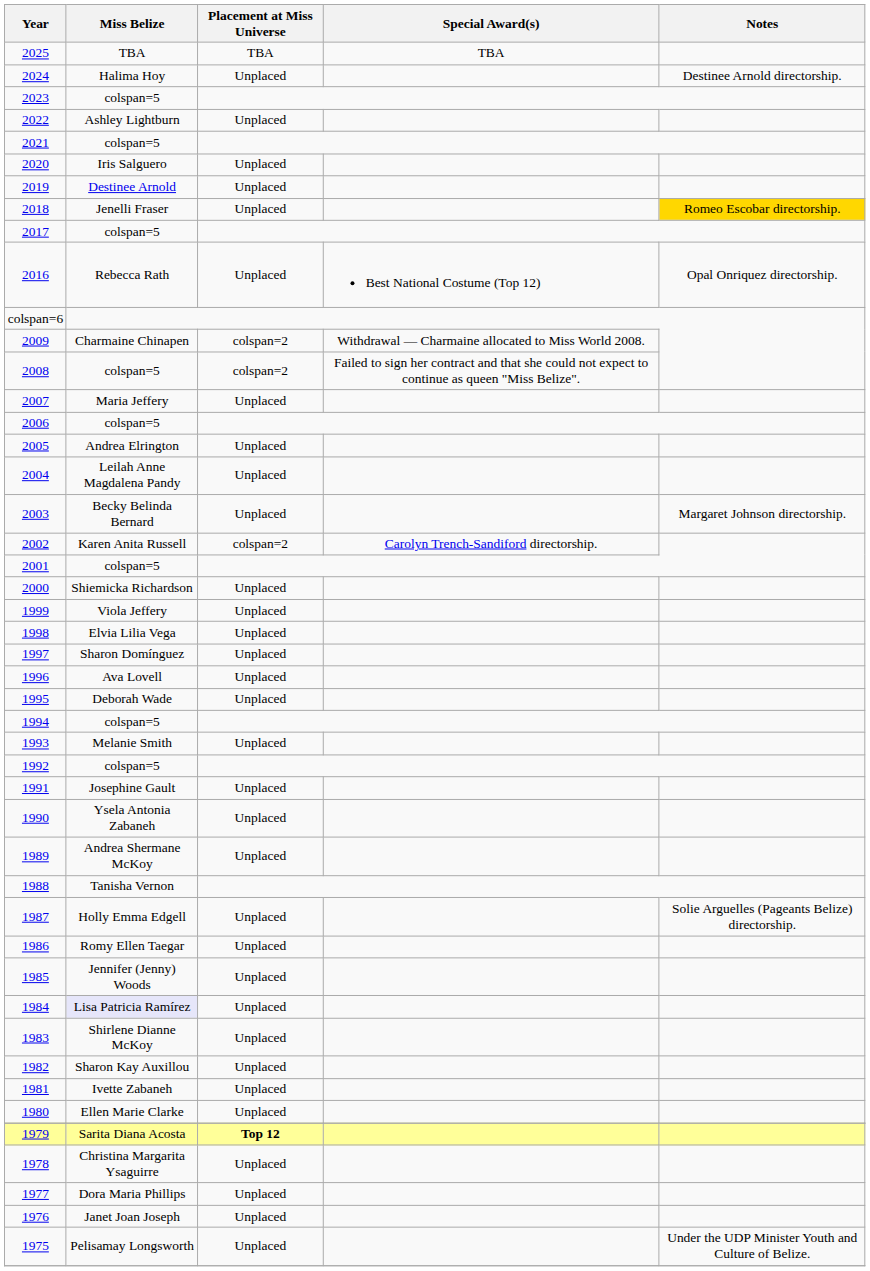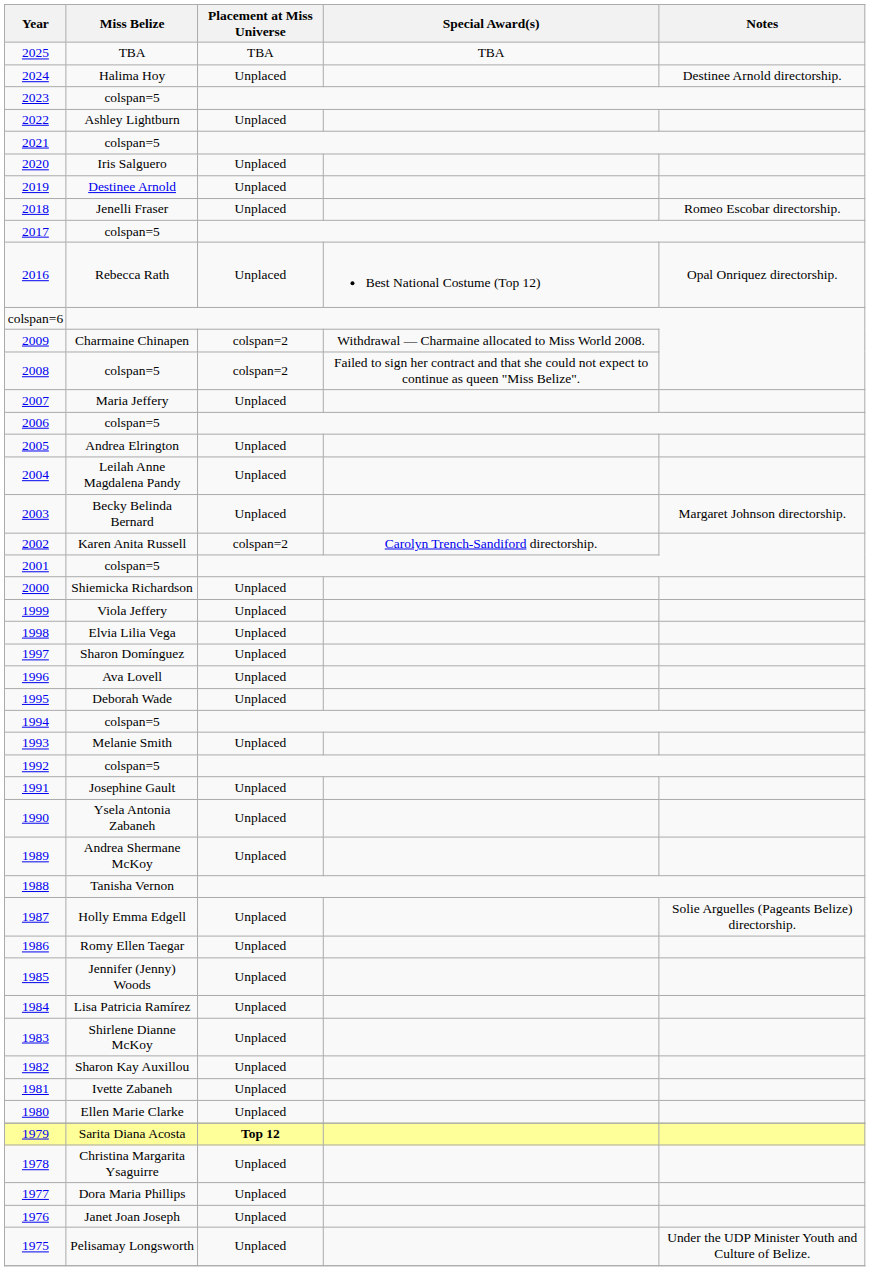 <table class="wikitable " style="font-size: 85%; text-align:center;">
 <tr>
 <th>Year</th>
 <th>Miss Belize</th>
 <th>Placement at Miss Universe</th>
 <th>Special Award(s)</th>
 <th>Notes</th>
 </tr>
 <tr>
 <td><a href='#'>2025</a></td>
 <td>TBA</td>
 <td>TBA</td>
 <td>TBA</td>
 <td></td>
 </tr>
 <tr>
 <td><a href='#'>2024</a></td>
 <td>Halima Hoy</td>
 <td>Unplaced</td>
 <td></td>
 <td>Destinee Arnold directorship.</td>
 </tr>
 <tr>
 <td><a href='#'>2023</a></td>
 <td>colspan=5 </td>
 </tr>
 <tr>
 <td><a href='#'>2022</a></td>
 <td>Ashley Lightburn</td>
 <td>Unplaced</td>
 <td></td>
 <td></td>
 </tr>
 <tr>
 <td><a href='#'>2021</a></td>
 <td>colspan=5 </td>
 </tr>
 <tr>
 <td><a href='#'>2020</a></td>
 <td>Iris Salguero</td>
 <td>Unplaced</td>
 <td></td>
 <td></td>
 </tr>
 <tr>
 <td><a href='#'>2019</a></td>
 <td><a href='#'>Destinee Arnold</a></td>
 <td>Unplaced</td>
 <td></td>
 <td></td>
 </tr>
 <tr>
 <td><a href='#'>2018</a></td>
 <td>Jenelli Fraser</td>
 <td>Unplaced</td>
 <td></td>
-<td style="background: gold;">Romeo Escobar directorship.</td>
+<td>Romeo Escobar directorship.</td>
 </tr>
 <tr>
 <td><a href='#'>2017</a></td>
 <td>colspan=5 </td>
 </tr>
 <tr>
 <td><a href='#'>2016</a></td>
 <td>Rebecca Rath</td>
 <td>Unplaced</td>
 <td align="left"><br><ul><li>Best National Costume (Top 12)</li></ul></td>
 <td>Opal Onriquez directorship.</td>
 </tr>
 <tr>
 <td>colspan=6 </td>
 </tr>
 <tr>
 <td><a href='#'>2009</a></td>
 <td>Charmaine Chinapen</td>
 <td>colspan=2 </td>
 <td>Withdrawal — Charmaine allocated to Miss World 2008.</td>
 </tr>
 <tr>
 <td><a href='#'>2008</a></td>
 <td>colspan=5 </td>
 <td>colspan=2 </td>
 <td>Failed to sign her contract and that she could not expect to continue as queen "Miss Belize".</td>
 </tr>
 <tr>
 <td><a href='#'>2007</a></td>
 <td>Maria Jeffery</td>
 <td>Unplaced</td>
 <td></td>
 <td></td>
 </tr>
 <tr>
 <td><a href='#'>2006</a></td>
 <td>colspan=5 </td>
 </tr>
 <tr>
 <td><a href='#'>2005</a></td>
 <td>Andrea Elrington</td>
 <td>Unplaced</td>
 <td></td>
 <td></td>
 </tr>
 <tr>
 <td><a href='#'>2004</a></td>
 <td>Leilah Anne Magdalena Pandy</td>
 <td>Unplaced</td>
 <td></td>
 <td></td>
 </tr>
 <tr>
 <td><a href='#'>2003</a></td>
 <td>Becky Belinda Bernard</td>
 <td>Unplaced</td>
 <td></td>
 <td>Margaret Johnson directorship.</td>
 </tr>
 <tr>
 <td><a href='#'>2002</a></td>
 <td>Karen Anita Russell</td>
 <td>colspan=2 </td>
 <td><a href='#'>Carolyn Trench-Sandiford</a> directorship.</td>
 </tr>
 <tr>
 <td><a href='#'>2001</a></td>
 <td>colspan=5 </td>
 </tr>
 <tr>
 <td><a href='#'>2000</a></td>
 <td>Shiemicka Richardson</td>
 <td>Unplaced</td>
 <td></td>
 <td></td>
 </tr>
 <tr>
 <td><a href='#'>1999</a></td>
 <td>Viola Jeffery</td>
 <td>Unplaced</td>
 <td></td>
 <td></td>
 </tr>
 <tr>
 <td><a href='#'>1998</a></td>
 <td>Elvia Lilia Vega</td>
 <td>Unplaced</td>
 <td></td>
 <td></td>
 </tr>
 <tr>
 <td><a href='#'>1997</a></td>
 <td>Sharon Domínguez</td>
 <td>Unplaced</td>
 <td></td>
 <td></td>
 </tr>
 <tr>
 <td><a href='#'>1996</a></td>
 <td>Ava Lovell</td>
 <td>Unplaced</td>
 <td></td>
 <td></td>
 </tr>
 <tr>
 <td><a href='#'>1995</a></td>
 <td>Deborah Wade</td>
 <td>Unplaced</td>
 <td></td>
 <td></td>
 </tr>
 <tr>
 <td><a href='#'>1994</a></td>
 <td>colspan=5 </td>
 </tr>
 <tr>
 <td><a href='#'>1993</a></td>
 <td>Melanie Smith</td>
 <td>Unplaced</td>
 <td></td>
 <td></td>
 </tr>
 <tr>
 <td><a href='#'>1992</a></td>
 <td>colspan=5 </td>
 </tr>
 <tr>
 <td><a href='#'>1991</a></td>
 <td>Josephine Gault</td>
 <td>Unplaced</td>
 <td></td>
 <td></td>
 </tr>
 <tr>
 <td><a href='#'>1990</a></td>
 <td>Ysela Antonia Zabaneh</td>
 <td>Unplaced</td>
 <td></td>
 <td></td>
 </tr>
 <tr>
 <td><a href='#'>1989</a></td>
 <td>Andrea Shermane McKoy</td>
 <td>Unplaced</td>
 <td></td>
 <td></td>
 </tr>
 <tr>
 <td><a href='#'>1988</a></td>
 <td>Tanisha Vernon</td>
 </tr>
 <tr>
 <td><a href='#'>1987</a></td>
 <td>Holly Emma Edgell</td>
 <td>Unplaced</td>
 <td></td>
 <td>Solie Arguelles (Pageants Belize) directorship.</td>
 </tr>
 <tr>
 <td><a href='#'>1986</a></td>
 <td>Romy Ellen Taegar</td>
 <td>Unplaced</td>
 <td></td>
 <td></td>
 </tr>
 <tr>
 <td><a href='#'>1985</a></td>
 <td>Jennifer (Jenny) Woods</td>
 <td>Unplaced</td>
 <td></td>
 <td></td>
 </tr>
 <tr>
 <td><a href='#'>1984</a></td>
-<td style="background: lavender;">Lisa Patricia Ramírez</td>
+<td>Lisa Patricia Ramírez</td>
 <td>Unplaced</td>
 <td></td>
 <td></td>
 </tr>
 <tr>
 <td><a href='#'>1983</a></td>
 <td>Shirlene Dianne McKoy</td>
 <td>Unplaced</td>
 <td></td>
 <td></td>
 </tr>
 <tr>
 <td><a href='#'>1982</a></td>
 <td>Sharon Kay Auxillou</td>
 <td>Unplaced</td>
 <td></td>
 <td></td>
 </tr>
 <tr>
 <td><a href='#'>1981</a></td>
 <td>Ivette Zabaneh</td>
 <td>Unplaced</td>
 <td></td>
 <td></td>
 </tr>
 <tr>
 <td><a href='#'>1980</a></td>
 <td>Ellen Marie Clarke</td>
 <td>Unplaced</td>
 <td></td>
 <td></td>
 </tr>
 <tr>
 </tr>
 <tr style="background-color:#FFFF99;">
 <td><a href='#'>1979</a></td>
 <td>Sarita Diana Acosta</td>
 <td><strong>Top 12</strong></td>
 <td></td>
 <td></td>
 </tr>
 <tr>
 <td><a href='#'>1978</a></td>
 <td>Christina Margarita Ysaguirre</td>
 <td>Unplaced</td>
 <td></td>
 <td></td>
 </tr>
 <tr>
 <td><a href='#'>1977</a></td>
 <td>Dora Maria Phillips</td>
 <td>Unplaced</td>
 <td></td>
 <td></td>
 </tr>
 <tr>
 <td><a href='#'>1976</a></td>
 <td>Janet Joan Joseph</td>
 <td>Unplaced</td>
 <td></td>
 <td></td>
 </tr>
 <tr>
 <td><a href='#'>1975</a></td>
 <td>Pelisamay Longsworth</td>
 <td>Unplaced</td>
 <td></td>
 <td>Under the UDP Minister Youth and Culture of Belize.</td>
 </tr>
 <tr>
 </tr>
 </table>
